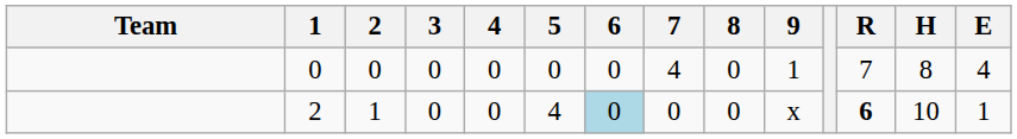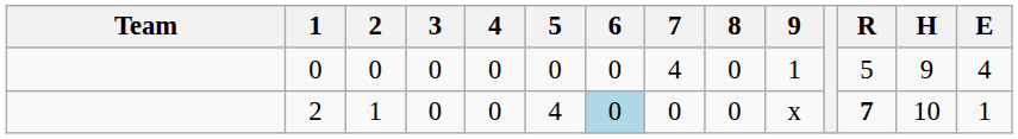 <table border=1 cellspacing=0 width=600 style="margin-left:3em;" class="wikitable">
 <tr style="text-align:center; background-color:#e6e6e6;">
 <th align=left width=28%>Team</th>
 <th width=6%>1</th>
 <th width=6%>2</th>
 <th width=6%>3</th>
 <th width=6%>4</th>
 <th width=6%>5</th>
 <th width=6%>6</th>
 <th width=6%>7</th>
 <th width=6%>8</th>
 <th width=6%>9</th>
 <th rowspan="3" width=0.5%></th>
 <th width=6%>R</th>
 <th width=6%>H</th>
 <th width=6%>E</th>
 </tr>
 <tr style="text-align:center;">
 <td align=left></td>
 <td>0</td>
 <td>0</td>
 <td>0</td>
 <td>0</td>
 <td>0</td>
 <td>0</td>
 <td>4</td>
 <td>0</td>
 <td>1</td>
-<td>7</td>
-<td>8</td>
+<td>5</td>
+<td>9</td>
 <td>4</td>
 </tr>
 <tr style="text-align:center;">
 <td align=left></td>
 <td>2</td>
 <td>1</td>
 <td>0</td>
 <td>0</td>
 <td>4</td>
 <td style="background: lightblue;">0</td>
 <td>0</td>
 <td>0</td>
 <td>x</td>
-<td><strong>6</strong></td>
+<td><strong>7</strong></td>
 <td>10</td>
 <td>1</td>
 </tr>
 </table>
